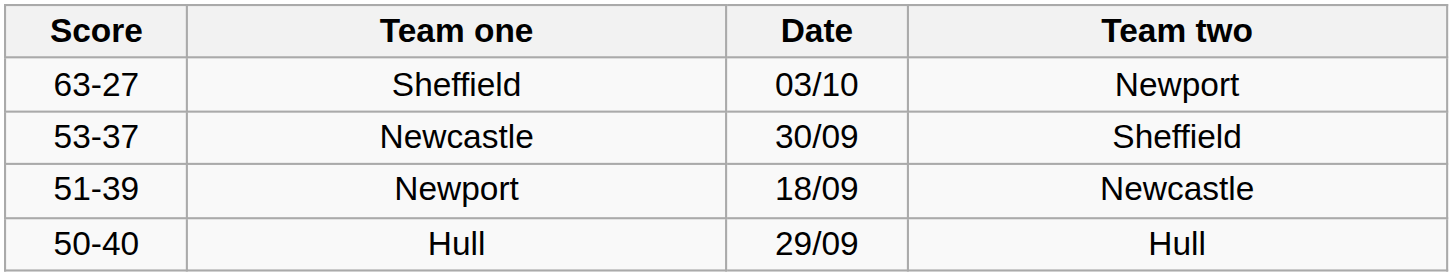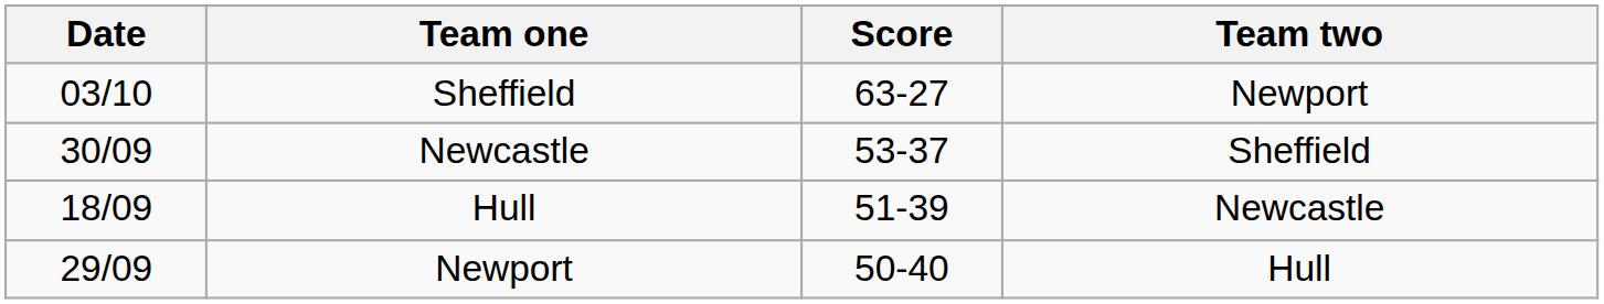 <table class="wikitable" style="text-align: center">
 <tr>
+<th width=80>Date</th>
+<th width=250>Team one</th>
 <th width=80>Score</th>
-<th width=250>Team one</th>
-<th width=80>Date</th>
 <th width=250>Team two</th>
 </tr>
 <tr>
+<td>03/10</td>
+<td>Sheffield</td>
 <td>63-27</td>
-<td>Sheffield</td>
-<td>03/10</td>
 <td>Newport</td>
 </tr>
 <tr>
+<td>30/09</td>
+<td>Newcastle</td>
 <td>53-37</td>
-<td>Newcastle</td>
-<td>30/09</td>
 <td>Sheffield</td>
 </tr>
 <tr>
+<td>18/09</td>
+<td>Hull</td>
 <td>51-39</td>
-<td>Newport</td>
-<td>18/09</td>
 <td>Newcastle</td>
 </tr>
 <tr>
+<td>29/09</td>
+<td>Newport</td>
 <td>50-40</td>
-<td>Hull</td>
-<td>29/09</td>
 <td>Hull</td>
 </tr>
 </table>
